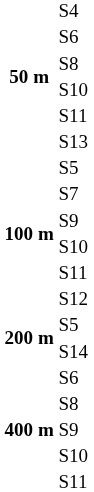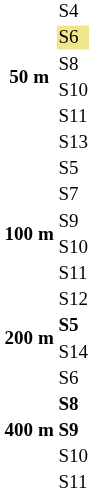 <table>
 <tr>
 <th rowspan="6">50 m</th>
 <td>S4 <br></td>
 <td></td>
 <td></td>
 <td></td>
 </tr>
 <tr>
-<td>S6 <br></td>
+<td style="background: khaki;">S6 <br></td>
 <td></td>
 <td></td>
 <td></td>
 </tr>
 <tr>
 <td>S8 <br></td>
 <td></td>
 <td></td>
 <td></td>
 </tr>
 <tr>
 <td>S10 <br></td>
 <td></td>
 <td></td>
 <td></td>
 </tr>
 <tr>
 <td>S11 <br></td>
 <td></td>
 <td></td>
 <td></td>
 </tr>
 <tr>
 <td>S13 <br></td>
 <td></td>
 <td></td>
 <td></td>
 </tr>
 <tr>
 <th rowspan="6">100 m</th>
 <td>S5 <br></td>
 <td></td>
 <td></td>
 <td></td>
 </tr>
 <tr>
 <td>S7 <br></td>
 <td></td>
 <td></td>
 <td></td>
 </tr>
 <tr>
 <td>S9 <br></td>
 <td></td>
 <td></td>
 <td></td>
 </tr>
 <tr>
 <td>S10 <br></td>
 <td></td>
 <td></td>
 <td></td>
 </tr>
 <tr>
 <td>S11 <br></td>
 <td></td>
 <td></td>
 <td></td>
 </tr>
 <tr>
 <td>S12 <br></td>
 <td></td>
 <td></td>
 <td></td>
 </tr>
 <tr>
 <th rowspan="2">200 m</th>
-<td>S5 <br></td>
+<td><strong>S5 <br></strong></td>
 <td></td>
 <td></td>
 <td></td>
 </tr>
 <tr>
 <td>S14 <br></td>
 <td></td>
 <td></td>
 <td></td>
 </tr>
 <tr>
 <th rowspan="5">400 m</th>
 <td>S6 <br></td>
 <td></td>
 <td></td>
 <td></td>
 </tr>
 <tr>
-<td>S8 <br></td>
+<td><strong>S8 <br></strong></td>
 <td></td>
 <td></td>
 <td></td>
 </tr>
 <tr>
-<td>S9 <br></td>
+<td><strong>S9 <br></strong></td>
 <td></td>
 <td></td>
 <td></td>
 </tr>
 <tr>
 <td>S10 <br></td>
 <td></td>
 <td></td>
 <td></td>
 </tr>
 <tr>
 <td>S11 <br></td>
 <td></td>
 <td></td>
 <td></td>
 </tr>
 </table>
